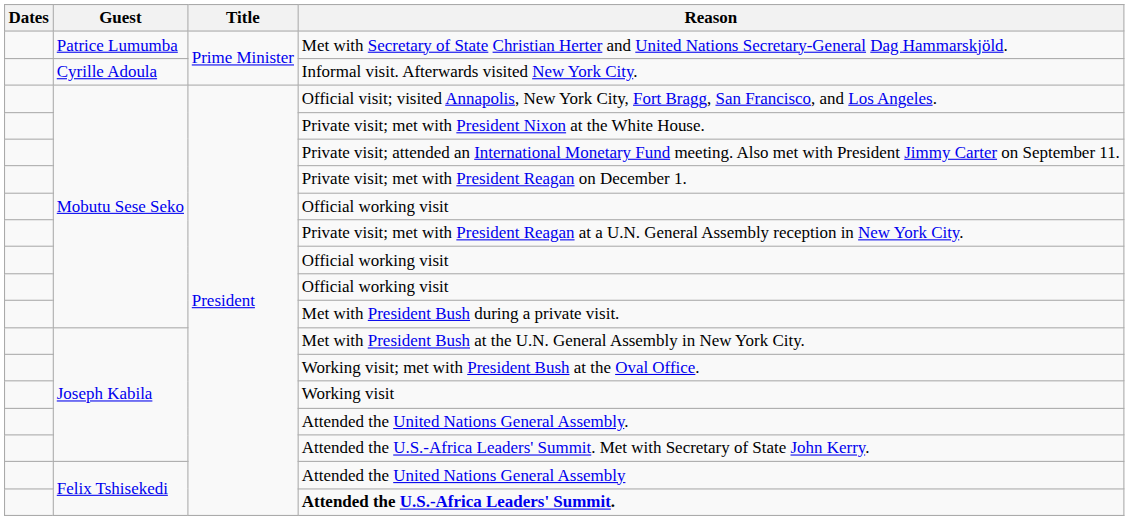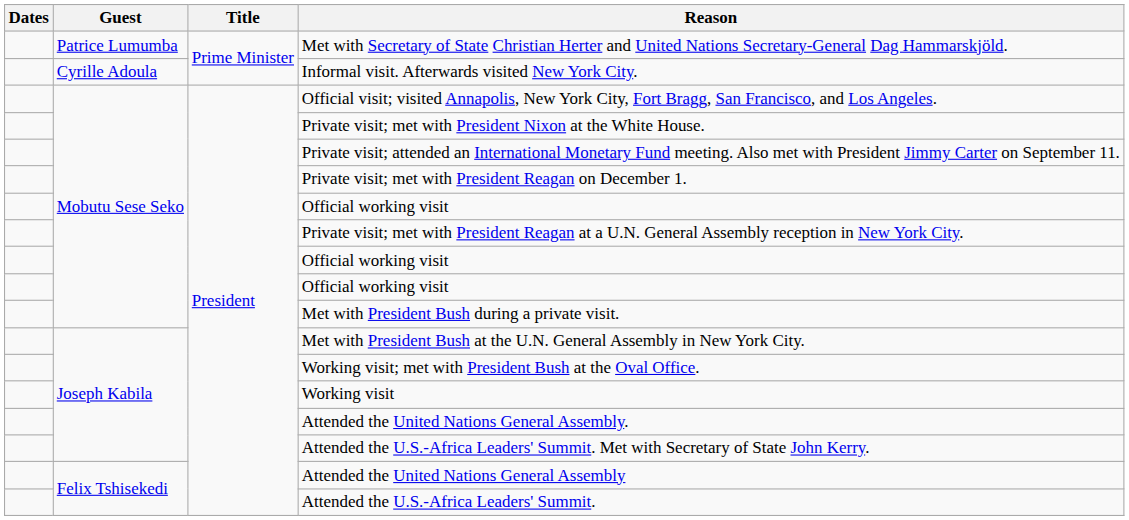 <table class="wikitable sortable">
 <tr>
 <th>Dates</th>
 <th>Guest</th>
 <th>Title</th>
 <th>Reason</th>
 </tr>
 <tr>
 <td></td>
 <td><a href='#'>Patrice Lumumba</a></td>
 <td rowspan=2><a href='#'>Prime Minister</a></td>
 <td>Met with <a href='#'>Secretary of State</a> <a href='#'>Christian Herter</a> and <a href='#'>United Nations Secretary-General</a> <a href='#'>Dag Hammarskjöld</a>.</td>
 </tr>
 <tr>
 <td></td>
 <td><a href='#'>Cyrille Adoula</a></td>
 <td>Informal visit. Afterwards visited <a href='#'>New York City</a>.</td>
 </tr>
 <tr>
 <td></td>
 <td rowspan=9><a href='#'>Mobutu Sese Seko</a></td>
 <td rowspan=16><a href='#'>President</a></td>
 <td>Official visit; visited <a href='#'>Annapolis</a>, New York City, <a href='#'>Fort Bragg</a>, <a href='#'>San Francisco</a>, and <a href='#'>Los Angeles</a>.</td>
 </tr>
 <tr>
 <td></td>
 <td>Private visit; met with <a href='#'>President Nixon</a> at the White House.</td>
 </tr>
 <tr>
 <td></td>
 <td>Private visit; attended an <a href='#'>International Monetary Fund</a> meeting. Also met with President <a href='#'>Jimmy Carter</a> on September 11.</td>
 </tr>
 <tr>
 <td></td>
 <td>Private visit; met with <a href='#'>President Reagan</a> on December 1.</td>
 </tr>
 <tr>
 <td></td>
 <td>Official working visit</td>
 </tr>
 <tr>
 <td></td>
 <td>Private visit; met with <a href='#'>President Reagan</a> at a U.N. General Assembly reception in <a href='#'>New York City</a>.</td>
 </tr>
 <tr>
 <td></td>
 <td>Official working visit</td>
 </tr>
 <tr>
 <td></td>
 <td>Official working visit</td>
 </tr>
 <tr>
 <td></td>
 <td>Met with <a href='#'>President Bush</a> during a private visit.</td>
 </tr>
 <tr>
 <td></td>
 <td rowspan=5><a href='#'>Joseph Kabila</a></td>
 <td>Met with <a href='#'>President Bush</a> at the U.N. General Assembly in New York City.</td>
 </tr>
 <tr>
 <td></td>
 <td>Working visit; met with <a href='#'>President Bush</a> at the <a href='#'>Oval Office</a>.</td>
 </tr>
 <tr>
 <td></td>
 <td>Working visit</td>
 </tr>
 <tr>
 <td></td>
 <td>Attended the <a href='#'>United Nations General Assembly</a>.</td>
 </tr>
 <tr>
 <td></td>
 <td>Attended the <a href='#'>U.S.-Africa Leaders' Summit</a>. Met with Secretary of State <a href='#'>John Kerry</a>.</td>
 </tr>
 <tr>
 <td></td>
 <td rowspan=2><a href='#'>Felix Tshisekedi</a></td>
 <td>Attended the <a href='#'>United Nations General Assembly</a></td>
 </tr>
 <tr>
 <td></td>
-<td><strong>Attended the <a href='#'>U.S.-Africa Leaders' Summit</a>.</strong></td>
+<td>Attended the <a href='#'>U.S.-Africa Leaders' Summit</a>.</td>
 </tr>
 </table>
